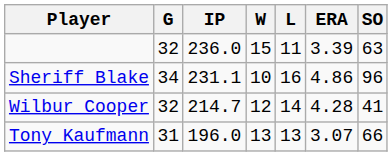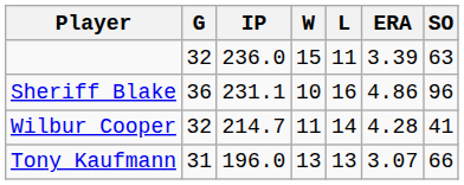 <table class="wikitable sortable" style="text-align:center;">
 <tr>
 <th>Player</th>
 <th>G</th>
 <th>IP</th>
 <th>W</th>
 <th>L</th>
 <th>ERA</th>
 <th>SO</th>
 </tr>
 <tr>
 <td></td>
 <td>32</td>
 <td>236.0</td>
 <td>15</td>
 <td>11</td>
 <td>3.39</td>
 <td>63</td>
 </tr>
 <tr>
 <td><a href='#'>Sheriff Blake</a></td>
-<td>34</td>
+<td>36</td>
 <td>231.1</td>
 <td>10</td>
 <td>16</td>
 <td>4.86</td>
 <td>96</td>
 </tr>
 <tr>
 <td><a href='#'>Wilbur Cooper</a></td>
 <td>32</td>
 <td>214.7</td>
-<td>12</td>
+<td>11</td>
 <td>14</td>
 <td>4.28</td>
 <td>41</td>
 </tr>
 <tr>
 <td><a href='#'>Tony Kaufmann</a></td>
 <td>31</td>
 <td>196.0</td>
 <td>13</td>
 <td>13</td>
 <td>3.07</td>
 <td>66</td>
 </tr>
 </table>
